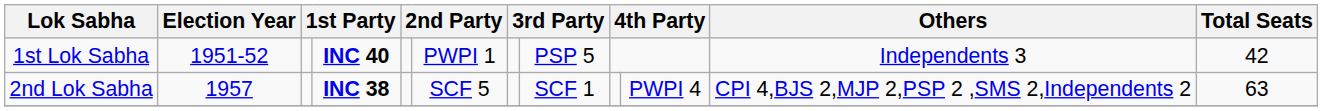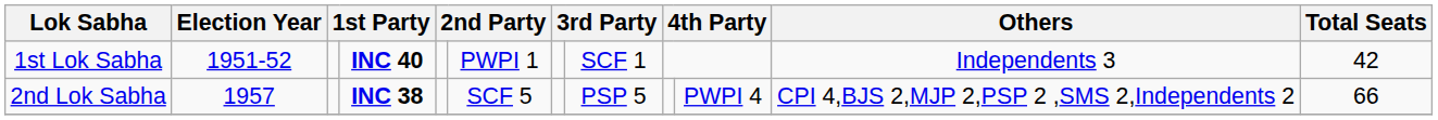 <table class="wikitable" style="text-align:center">
 <tr>
 <th>Lok Sabha</th>
 <th>Election Year</th>
 <th colspan="2">1st Party</th>
 <th colspan="2">2nd Party</th>
 <th colspan="2">3rd Party</th>
 <th colspan="2">4th Party</th>
 <th>Others</th>
 <th>Total Seats</th>
 </tr>
 <tr>
 <td><a href='#'>1st Lok Sabha</a></td>
 <td><a href='#'>1951-52</a></td>
 <td style="background-color: "></td>
 <td><strong><a href='#'>INC</a> 40</strong></td>
 <td style="background-color:"></td>
 <td><a href='#'>PWPI</a> 1</td>
 <td style="background-color:"></td>
-<td><a href='#'>PSP</a> 5</td>
+<td><a href='#'>SCF</a> 1</td>
 <td colspan=2></td>
 <td><a href='#'>Independents</a> 3</td>
 <td>42</td>
 </tr>
 <tr>
 <td><a href='#'>2nd Lok Sabha</a></td>
 <td><a href='#'>1957</a></td>
 <td style="background-color: "></td>
 <td><strong><a href='#'>INC</a> 38</strong></td>
 <td style="background-color:"></td>
 <td><a href='#'>SCF</a> 5</td>
 <td style="background-color:"></td>
-<td><a href='#'>SCF</a> 1</td>
+<td><a href='#'>PSP</a> 5</td>
 <td style="background-color:"></td>
 <td><a href='#'>PWPI</a> 4</td>
 <td><a href='#'>CPI</a> 4,<a href='#'>BJS</a> 2,<a href='#'>MJP</a> 2,<a href='#'>PSP</a> 2 ,<a href='#'>SMS</a> 2,<a href='#'>Independents</a> 2</td>
-<td>63</td>
+<td>66</td>
 </tr>
 <tr>
 </tr>
 </table>
